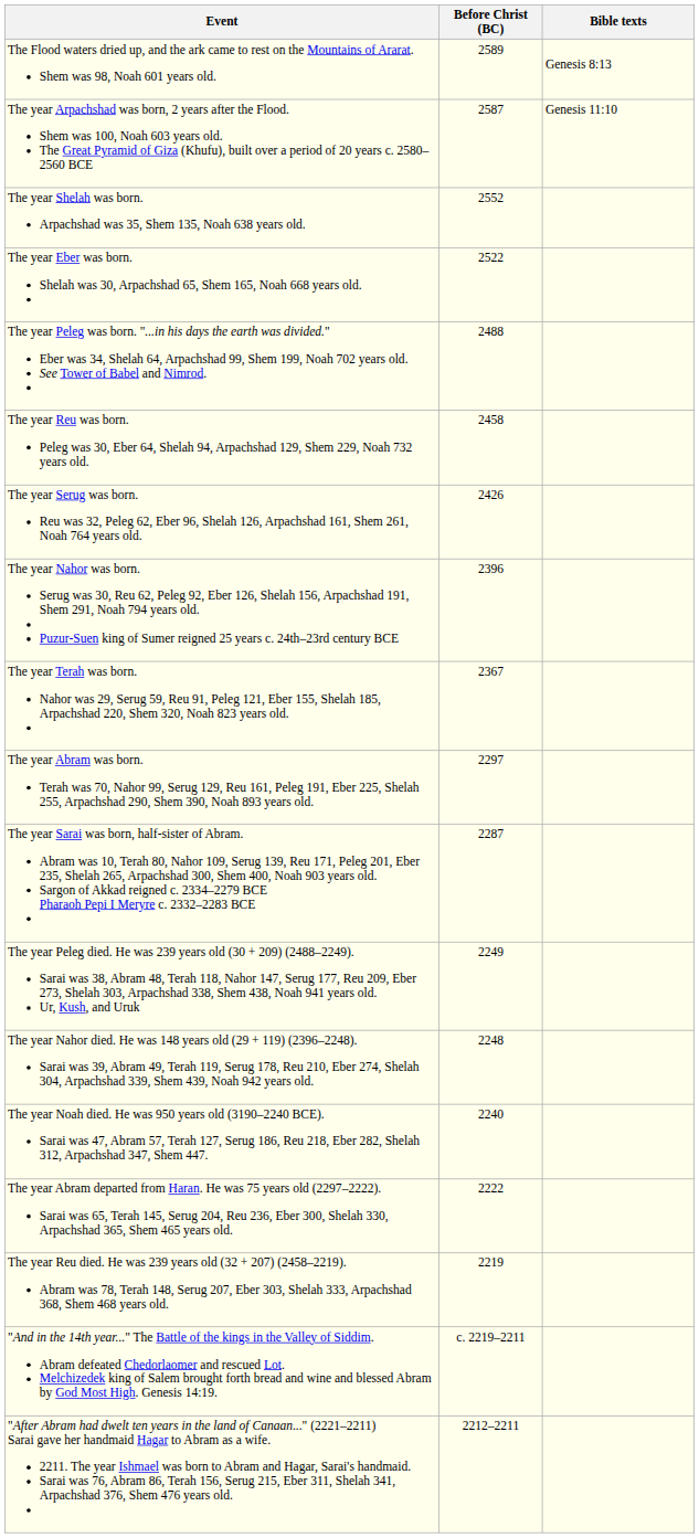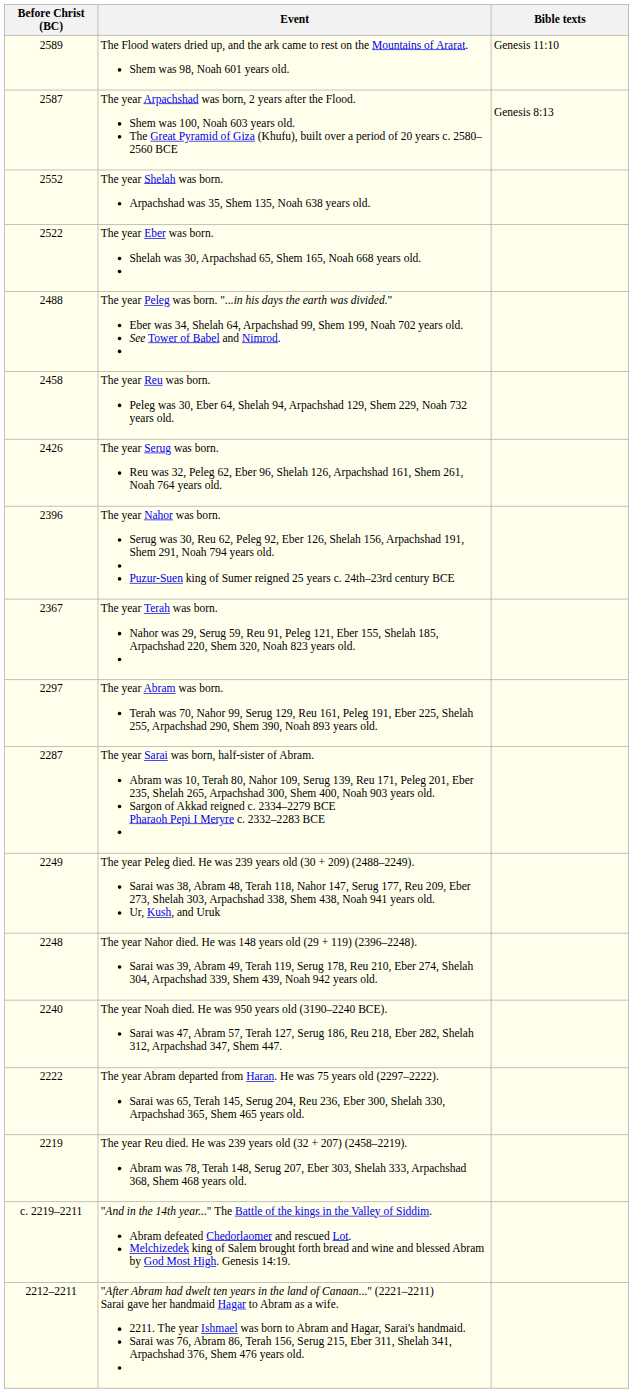 <table class="wikitable" style="align:center;">
 <tr>
+<th style="width:15%;">Before Christ<br>(BC)</th>
 <th style="width:63%;">Event</th>
-<th style="width:15%;">Before Christ<br>(BC)</th>
 <th style="width:22%;">Bible texts</th>
 </tr>
 <tr style="text-align:left; background:#ffffec; vertical-align:top;">
+<td style="text-align:center;">2589</td>
 <td>The Flood waters dried up, and the ark came to rest on the <a href='#'>Mountains of Ararat</a>.<br><ul><li>Shem was 98, Noah 601 years old.</li></ul></td>
-<td style="text-align:center;">2589</td>
+<td>Genesis 11:10</td>
+</tr>
+<tr style="text-align:left; background:#ffffec; vertical-align:top;">
+<td style="text-align:center;">2587 <br> </td>
+<td>The year <a href='#'>Arpachshad</a> was born, 2 years after the Flood.<br><ul><li>Shem was 100, Noah 603 years old.</li><li>The <a href='#'>Great Pyramid of Giza</a> (Khufu), built over a period of 20 years c. 2580–2560 BCE</li></ul></td>
 <td> <br> Genesis 8:13</td>
 </tr>
 <tr style="text-align:left; background:#ffffec; vertical-align:top;">
-<td>The year <a href='#'>Arpachshad</a> was born, 2 years after the Flood.<br><ul><li>Shem was 100, Noah 603 years old.</li><li>The <a href='#'>Great Pyramid of Giza</a> (Khufu), built over a period of 20 years c. 2580–2560 BCE</li></ul></td>
-<td style="text-align:center;">2587 <br> </td>
-<td>Genesis 11:10</td>
-</tr>
-<tr style="text-align:left; background:#ffffec; vertical-align:top;">
+<td style="text-align:center;">2552</td>
 <td>The year <a href='#'>Shelah</a> was born.<br><ul><li>Arpachshad was 35, Shem 135, Noah 638 years old.</li></ul></td>
-<td style="text-align:center;">2552</td>
 <td></td>
 </tr>
 <tr style="text-align:left; background:#ffffec; vertical-align:top;">
+<td style="text-align:center;">2522</td>
 <td>The year <a href='#'>Eber</a> was born.<br><ul><li>Shelah was 30, Arpachshad 65, Shem 165, Noah 668 years old.</li><li></li></ul></td>
-<td style="text-align:center;">2522</td>
 <td></td>
 </tr>
 <tr style="text-align:left; background:#ffffec; vertical-align:top;">
+<td style="text-align:center;">2488</td>
 <td>The year <a href='#'>Peleg</a> was born. "<em>...in his days the earth was divided.</em>"<br><ul><li>Eber was 34, Shelah 64, Arpachshad 99, Shem 199, Noah 702 years old.</li><li><em>See</em> <a href='#'>Tower of Babel</a> and <a href='#'>Nimrod</a>.</li><li></li></ul></td>
-<td style="text-align:center;">2488</td>
 <td> <br> </td>
 </tr>
 <tr style="text-align:left; background:#ffffec; vertical-align:top;">
+<td style="text-align:center;">2458</td>
 <td>The year <a href='#'>Reu</a> was born.<br><ul><li>Peleg was 30, Eber 64, Shelah 94, Arpachshad 129, Shem 229, Noah 732 years old.</li></ul></td>
-<td style="text-align:center;">2458</td>
 <td></td>
 </tr>
 <tr style="text-align:left; background:#ffffec; vertical-align:top;">
+<td style="text-align:center;">2426</td>
 <td>The year <a href='#'>Serug</a> was born.<br><ul><li>Reu was 32, Peleg 62, Eber 96, Shelah 126, Arpachshad 161, Shem 261, Noah 764 years old.</li></ul></td>
-<td style="text-align:center;">2426</td>
 <td></td>
 </tr>
 <tr style="text-align:left; background:#ffffec; vertical-align:top;">
+<td style="text-align:center;">2396</td>
 <td>The year <a href='#'>Nahor</a> was born.<br><ul><li>Serug was 30, Reu 62, Peleg 92, Eber 126, Shelah 156, Arpachshad 191, Shem 291, Noah 794 years old.</li><li></li><li><a href='#'>Puzur-Suen</a> king of Sumer reigned 25 years c. 24th–23rd century BCE</li></ul></td>
-<td style="text-align:center;">2396</td>
 <td></td>
 </tr>
 <tr style="text-align:left; background:#ffffec; vertical-align:top;">
+<td style="text-align:center;">2367</td>
 <td>The year <a href='#'>Terah</a> was born.<br><ul><li>Nahor was 29, Serug 59, Reu 91, Peleg 121, Eber 155, Shelah 185, Arpachshad 220, Shem 320, Noah 823 years old.</li><li></li></ul></td>
-<td style="text-align:center;">2367</td>
 <td></td>
 </tr>
 <tr style="text-align:left; background:#ffffec; vertical-align:top;">
+<td style="text-align:center;">2297</td>
 <td>The year <a href='#'>Abram</a> was born.<br><ul><li>Terah was 70, Nahor 99, Serug 129, Reu 161, Peleg 191, Eber 225, Shelah 255, Arpachshad 290, Shem 390, Noah 893 years old.</li></ul></td>
-<td style="text-align:center;">2297</td>
 <td> <br>  <br> </td>
 </tr>
 <tr style="text-align:left; background:#ffffec; vertical-align:top;">
+<td style="text-align:center;">2287</td>
 <td>The year <a href='#'>Sarai</a> was born, half-sister of Abram.<br><ul><li>Abram was 10, Terah 80, Nahor 109, Serug 139, Reu 171, Peleg 201, Eber 235, Shelah 265, Arpachshad 300, Shem 400, Noah 903 years old.</li><li>Sargon of Akkad reigned c. 2334–2279 BCE <br> <a href='#'>Pharaoh Pepi I Meryre</a> c. 2332–2283 BCE</li><li></li></ul></td>
-<td style="text-align:center;">2287</td>
 <td> <br> </td>
 </tr>
 <tr style="text-align:left; background:#ffffec; vertical-align:top;">
+<td style="text-align:center;">2249</td>
 <td>The year Peleg died. He was 239 years old (30 + 209) (2488–2249).<br><ul><li>Sarai was 38, Abram 48, Terah 118, Nahor 147, Serug 177, Reu 209, Eber 273, Shelah 303, Arpachshad 338, Shem 438, Noah 941 years old.</li><li>Ur, <a href='#'>Kush</a>, and Uruk</li></ul></td>
-<td style="text-align:center;">2249</td>
 <td></td>
 </tr>
 <tr style="text-align:left; background:#ffffec; vertical-align:top;">
+<td style="text-align:center;">2248</td>
 <td>The year Nahor died. He was 148 years old (29 + 119) (2396–2248).<br><ul><li>Sarai was 39, Abram 49, Terah 119, Serug 178, Reu 210, Eber 274, Shelah 304, Arpachshad 339, Shem 439, Noah 942 years old.</li></ul></td>
-<td style="text-align:center;">2248</td>
 <td></td>
 </tr>
 <tr style="text-align:left; background:#ffffec; vertical-align:top;">
+<td style="text-align:center;">2240</td>
 <td>The year Noah died. He was 950 years old (3190–2240 BCE).<br><ul><li>Sarai was 47, Abram 57, Terah 127, Serug 186, Reu 218, Eber 282, Shelah 312, Arpachshad 347, Shem 447.</li></ul></td>
-<td style="text-align:center;">2240</td>
 <td></td>
 </tr>
 <tr style="text-align:left; background:#ffffec; vertical-align:top;">
+<td style="text-align:center;">2222 <br> </td>
 <td>The year Abram departed from <a href='#'>Haran</a>. He was 75 years old (2297–2222).<br><ul><li>Sarai was 65, Terah 145, Serug 204, Reu 236, Eber 300, Shelah 330, Arpachshad 365, Shem 465 years old.</li></ul></td>
-<td style="text-align:center;">2222 <br> </td>
 <td></td>
 </tr>
 <tr style="text-align:left; background:#ffffec; vertical-align:top;">
+<td style="text-align:center;">2219</td>
 <td>The year Reu died. He was 239 years old (32 + 207) (2458–2219).<br><ul><li>Abram was 78, Terah 148, Serug 207, Eber 303, Shelah 333, Arpachshad 368, Shem 468 years old.</li></ul></td>
-<td style="text-align:center;">2219</td>
 <td></td>
 </tr>
 <tr style="text-align:left; background:#ffffec; vertical-align:top;">
+<td style="text-align:center;">c. 2219–2211 <br> </td>
 <td>"<em>And in the 14th year...</em>" The <a href='#'>Battle of the kings in the Valley of Siddim</a>.<br><ul><li>Abram defeated <a href='#'>Chedorlaomer</a> and rescued <a href='#'>Lot</a>.</li><li><a href='#'>Melchizedek</a> king of Salem brought forth bread and wine and blessed Abram by <a href='#'>God Most High</a>. Genesis 14:19.</li></ul></td>
-<td style="text-align:center;">c. 2219–2211 <br> </td>
 <td></td>
 </tr>
 <tr style="text-align:left; background:#ffffec; vertical-align:top;">
+<td style="text-align:center;">2212–2211 <br> </td>
 <td>"<em>After Abram had dwelt ten years in the land of Canaan</em>..." (2221–2211) <br> Sarai gave her handmaid <a href='#'>Hagar</a> to Abram as a wife.<br><ul><li>2211. The year <a href='#'>Ishmael</a> was born to Abram and Hagar, Sarai's handmaid.</li><li>Sarai was 76, Abram 86, Terah 156, Serug 215, Eber 311, Shelah 341, Arpachshad 376, Shem 476 years old.</li><li></li></ul></td>
-<td style="text-align:center;">2212–2211 <br> </td>
 <td></td>
 </tr>
 </table>
